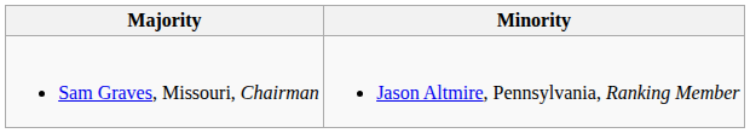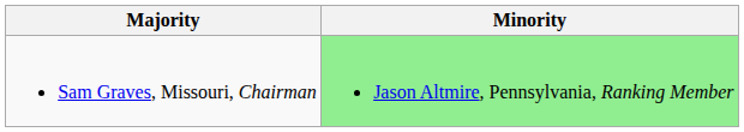 <table class=wikitable>
 <tr>
 <th>Majority</th>
 <th>Minority</th>
 </tr>
 <tr>
 <td><br><ul><li><a href='#'>Sam Graves</a>, Missouri, <em>Chairman</em></li></ul></td>
-<td><br><ul><li><a href='#'>Jason Altmire</a>, Pennsylvania, <em>Ranking Member</em></li></ul></td>
+<td style="background: lightgreen;"><br><ul><li><a href='#'>Jason Altmire</a>, Pennsylvania, <em>Ranking Member</em></li></ul></td>
 </tr>
 </table>
